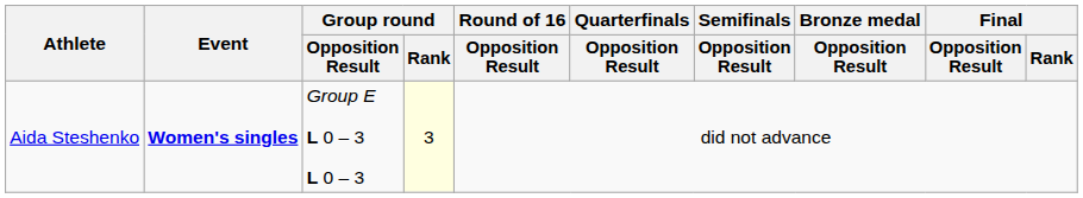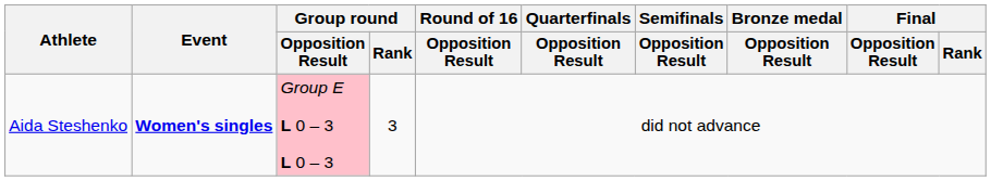 <table class="wikitable" style="font-size:90%;">
 <tr>
 <th rowspan="2">Athlete</th>
 <th rowspan="2">Event</th>
 <th colspan="2">Group round</th>
 <th>Round of 16</th>
 <th>Quarterfinals</th>
 <th>Semifinals</th>
 <th>Bronze medal</th>
 <th colspan=2>Final</th>
 </tr>
 <tr style="font-size:95%">
 <th>Opposition<br>Result</th>
 <th>Rank</th>
 <th>Opposition<br>Result</th>
 <th>Opposition<br>Result</th>
 <th>Opposition<br>Result</th>
 <th>Opposition<br>Result</th>
 <th>Opposition<br>Result</th>
 <th>Rank</th>
 </tr>
 <tr align=center>
 <td align=left><a href='#'>Aida Steshenko</a></td>
 <td align=left><strong><a href='#'>Women's singles</a></strong></td>
-<td align=left><em>Group E</em><br><br><strong>L</strong> 0 – 3<br><br><strong>L</strong> 0 – 3</td>
-<td style="background: lightyellow;">3</td>
+<td align=left style="background: pink;"><em>Group E</em><br><br><strong>L</strong> 0 – 3<br><br><strong>L</strong> 0 – 3</td>
+<td>3</td>
 <td colspan=6>did not advance</td>
 </tr>
 </table>
